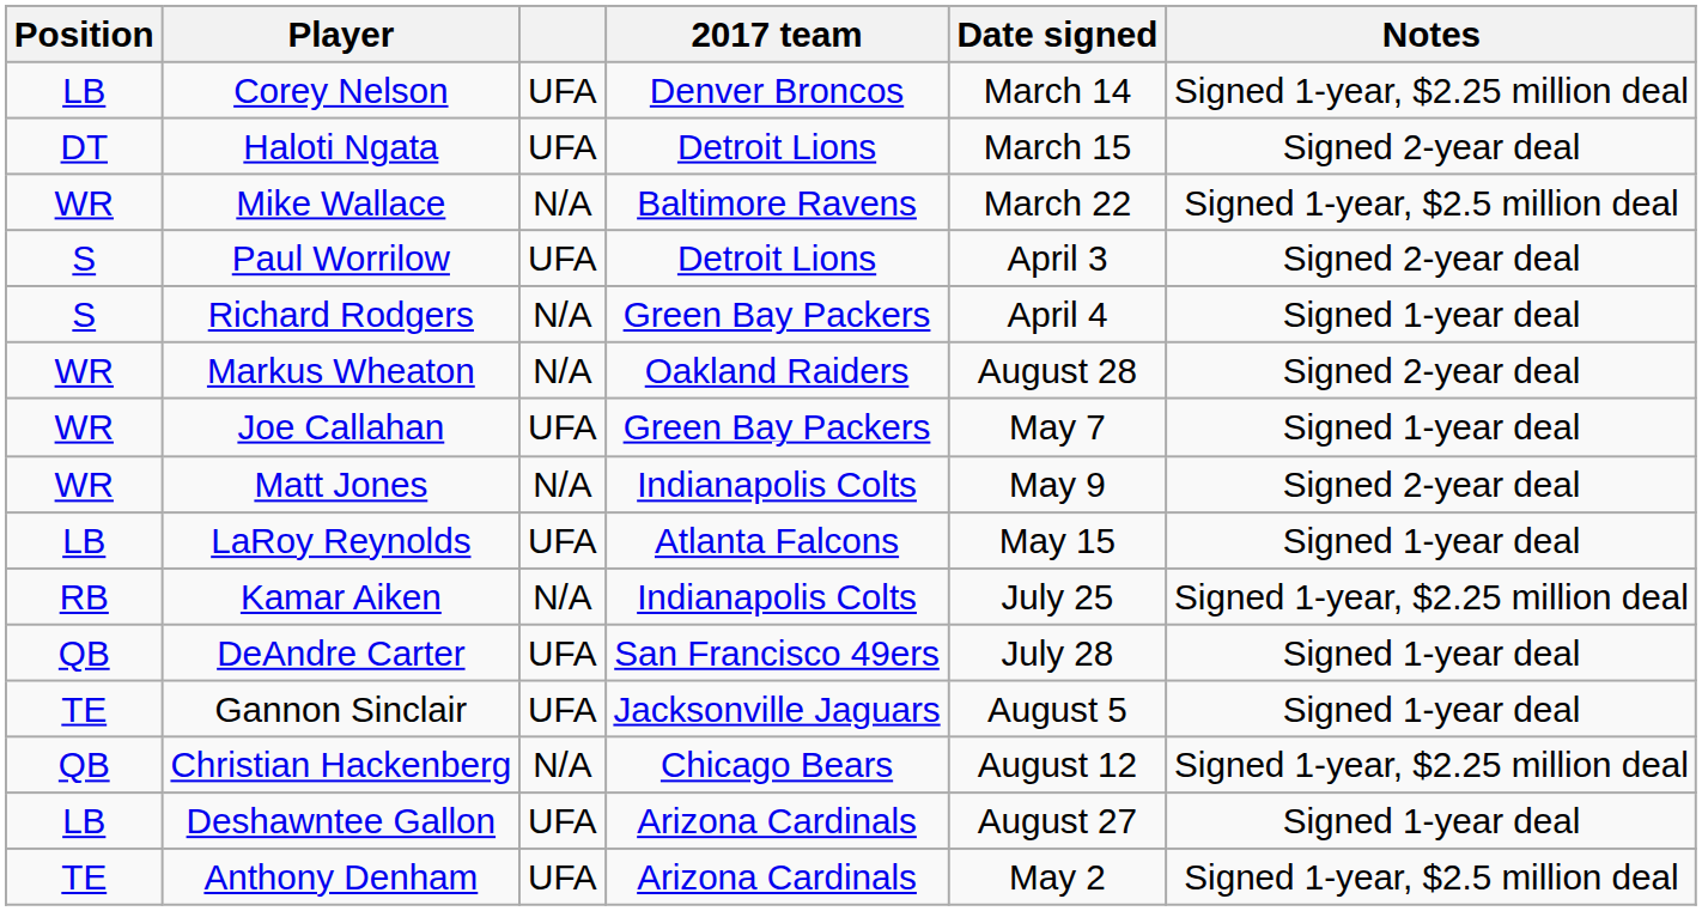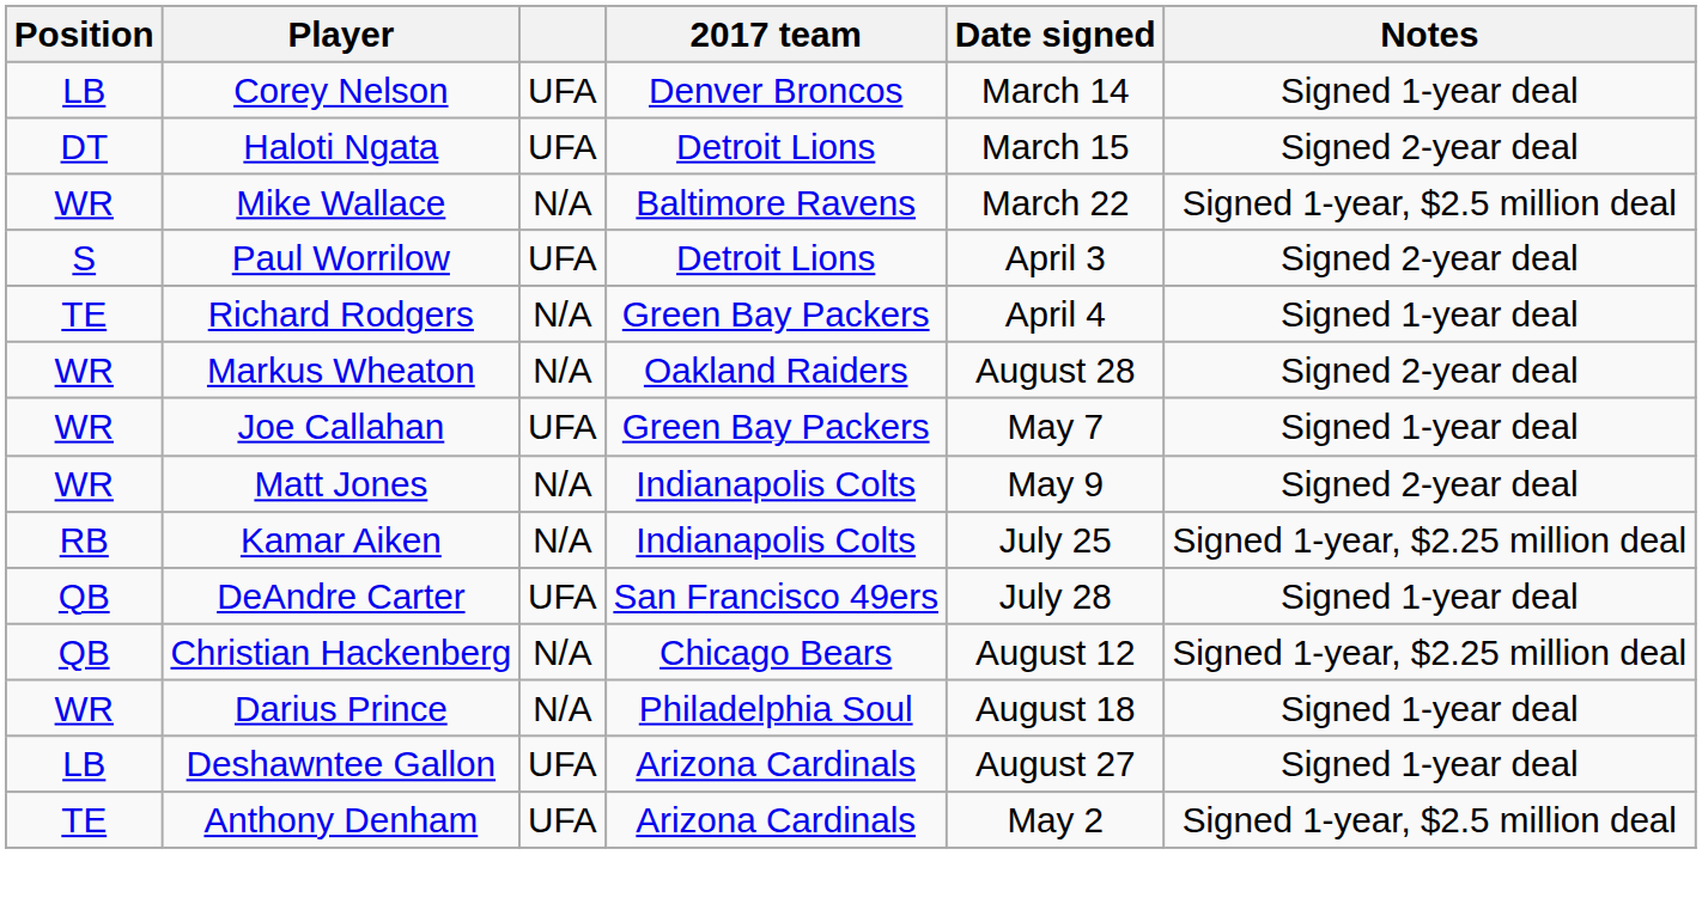 <table class="wikitable" style="font-size: 95%; text-align: center">
 <tr>
 <th>Position</th>
 <th>Player</th>
 <th></th>
 <th>2017 team</th>
 <th>Date signed</th>
 <th>Notes</th>
 </tr>
 <tr>
 <td><a href='#'>LB</a></td>
 <td><a href='#'>Corey Nelson</a></td>
 <td>UFA</td>
 <td><a href='#'>Denver Broncos</a></td>
 <td>March 14</td>
-<td>Signed 1-year, $2.25 million deal</td>
+<td>Signed 1-year deal</td>
 </tr>
 <tr>
 <td><a href='#'>DT</a></td>
 <td><a href='#'>Haloti Ngata</a></td>
 <td>UFA</td>
 <td><a href='#'>Detroit Lions</a></td>
 <td>March 15</td>
 <td>Signed 2-year deal</td>
 </tr>
 <tr>
 <td><a href='#'>WR</a></td>
 <td><a href='#'>Mike Wallace</a></td>
 <td>N/A</td>
 <td><a href='#'>Baltimore Ravens</a></td>
 <td>March 22</td>
 <td>Signed 1-year, $2.5 million deal</td>
 </tr>
 <tr>
 <td><a href='#'>S</a></td>
 <td><a href='#'>Paul Worrilow</a></td>
 <td>UFA</td>
 <td><a href='#'>Detroit Lions</a></td>
 <td>April 3</td>
 <td>Signed 2-year deal</td>
 </tr>
 <tr>
-<td><a href='#'>S</a></td>
+<td><a href='#'>TE</a></td>
 <td><a href='#'>Richard Rodgers</a></td>
 <td>N/A</td>
 <td><a href='#'>Green Bay Packers</a></td>
 <td>April 4</td>
 <td>Signed 1-year deal</td>
 </tr>
 <tr>
 <td><a href='#'>WR</a></td>
 <td><a href='#'>Markus Wheaton</a></td>
 <td>N/A</td>
 <td><a href='#'>Oakland Raiders</a></td>
 <td>August 28</td>
 <td>Signed 2-year deal</td>
 </tr>
 <tr>
 <td><a href='#'>WR</a></td>
 <td><a href='#'>Joe Callahan</a></td>
 <td>UFA</td>
 <td><a href='#'>Green Bay Packers</a></td>
 <td>May 7</td>
 <td>Signed 1-year deal</td>
 </tr>
 <tr>
 <td><a href='#'>WR</a></td>
 <td><a href='#'>Matt Jones</a></td>
 <td>N/A</td>
 <td><a href='#'>Indianapolis Colts</a></td>
 <td>May 9</td>
 <td>Signed 2-year deal</td>
 </tr>
 <tr>
-<td><a href='#'>LB</a></td>
-<td><a href='#'>LaRoy Reynolds</a></td>
-<td>UFA</td>
-<td><a href='#'>Atlanta Falcons</a></td>
-<td>May 15</td>
-<td>Signed 1-year deal</td>
-</tr>
-<tr>
 <td><a href='#'>RB</a></td>
 <td><a href='#'>Kamar Aiken</a></td>
 <td>N/A</td>
 <td><a href='#'>Indianapolis Colts</a></td>
 <td>July 25</td>
 <td>Signed 1-year, $2.25 million deal</td>
 </tr>
 <tr>
 <td><a href='#'>QB</a></td>
 <td><a href='#'>DeAndre Carter</a></td>
 <td>UFA</td>
 <td><a href='#'>San Francisco 49ers</a></td>
 <td>July 28</td>
 <td>Signed 1-year deal</td>
 </tr>
 <tr>
-<td><a href='#'>TE</a></td>
-<td>Gannon Sinclair</td>
-<td>UFA</td>
-<td><a href='#'>Jacksonville Jaguars</a></td>
-<td>August 5</td>
-<td>Signed 1-year deal</td>
-</tr>
-<tr>
 <td><a href='#'>QB</a></td>
 <td><a href='#'>Christian Hackenberg</a></td>
 <td>N/A</td>
 <td><a href='#'>Chicago Bears</a></td>
 <td>August 12</td>
 <td>Signed 1-year, $2.25 million deal</td>
+</tr>
+<tr>
+<td><a href='#'>WR</a></td>
+<td><a href='#'>Darius Prince</a></td>
+<td>N/A</td>
+<td><a href='#'>Philadelphia Soul</a></td>
+<td>August 18</td>
+<td>Signed 1-year deal</td>
 </tr>
 <tr>
 <td><a href='#'>LB</a></td>
 <td><a href='#'>Deshawntee Gallon</a></td>
 <td>UFA</td>
 <td><a href='#'>Arizona Cardinals</a></td>
 <td>August 27</td>
 <td>Signed 1-year deal</td>
 </tr>
 <tr>
 <td><a href='#'>TE</a></td>
 <td><a href='#'>Anthony Denham</a></td>
 <td>UFA</td>
 <td><a href='#'>Arizona Cardinals</a></td>
 <td>May 2</td>
 <td>Signed 1-year, $2.5 million deal</td>
 </tr>
 </table>
